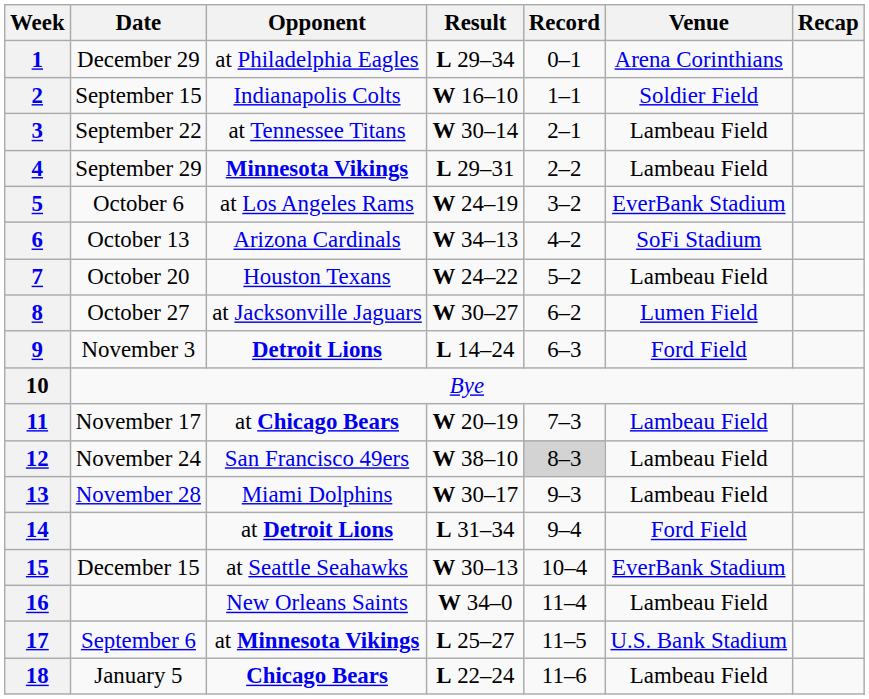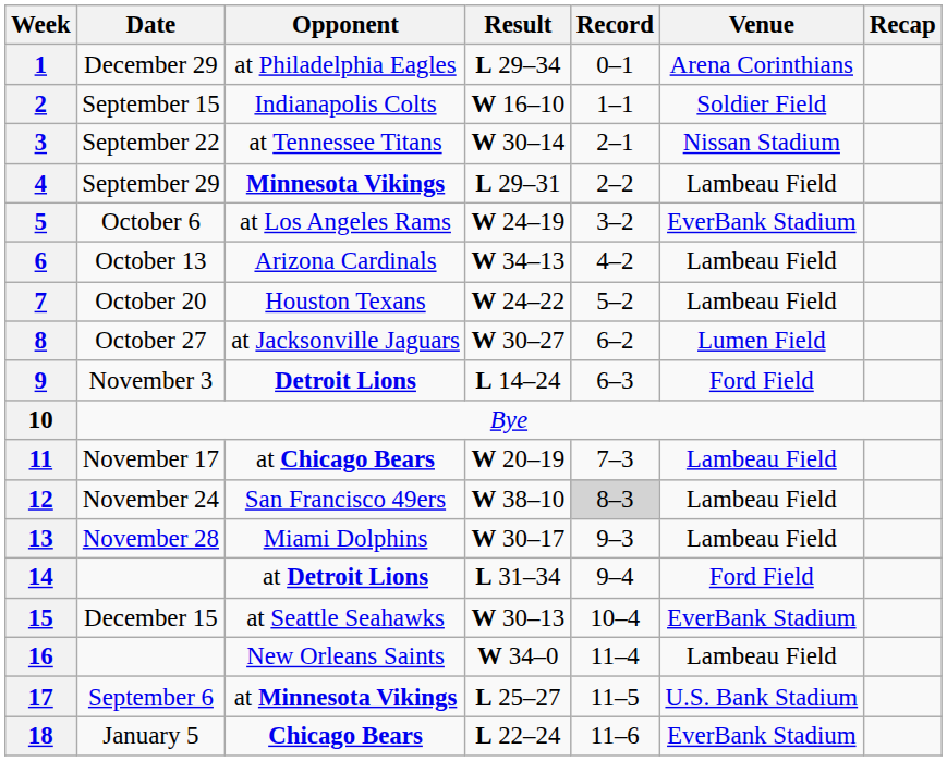 <table class="wikitable" style="text-align:center">
 <tr>
 <th>Week</th>
 <th>Date</th>
 <th>Opponent</th>
 <th>Result</th>
 <th>Record</th>
 <th>Venue</th>
 <th>Recap</th>
 </tr>
 <tr>
 <th><a href='#'>1</a></th>
 <td>December 29</td>
 <td>at <a href='#'>Philadelphia Eagles</a></td>
 <td><strong>L</strong> 29–34</td>
 <td>0–1</td>
 <td> <a href='#'>Arena Corinthians</a> </td>
 <td></td>
 </tr>
 <tr>
 <th><a href='#'>2</a></th>
 <td>September 15</td>
 <td><a href='#'>Indianapolis Colts</a></td>
 <td><strong>W</strong> 16–10</td>
 <td>1–1</td>
 <td><a href='#'>Soldier Field</a></td>
 <td></td>
 </tr>
 <tr>
 <th><a href='#'>3</a></th>
 <td>September 22</td>
 <td>at <a href='#'>Tennessee Titans</a></td>
 <td><strong>W</strong> 30–14</td>
 <td>2–1</td>
-<td>Lambeau Field</td>
+<td><a href='#'>Nissan Stadium</a></td>
 <td></td>
 </tr>
 <tr>
 <th><a href='#'>4</a></th>
 <td>September 29</td>
 <td><strong><a href='#'>Minnesota Vikings</a></strong></td>
 <td><strong>L</strong> 29–31</td>
 <td>2–2</td>
 <td>Lambeau Field</td>
 <td></td>
 </tr>
 <tr>
 <th><a href='#'>5</a></th>
 <td>October 6</td>
 <td>at <a href='#'>Los Angeles Rams</a></td>
 <td><strong>W</strong> 24–19</td>
 <td>3–2</td>
 <td><a href='#'>EverBank Stadium</a></td>
 <td></td>
 </tr>
 <tr>
 <th><a href='#'>6</a></th>
 <td>October 13</td>
 <td><a href='#'>Arizona Cardinals</a></td>
 <td><strong>W</strong> 34–13</td>
 <td>4–2</td>
-<td><a href='#'>SoFi Stadium</a></td>
+<td>Lambeau Field</td>
 <td></td>
 </tr>
 <tr>
 <th><a href='#'>7</a></th>
 <td>October 20</td>
 <td><a href='#'>Houston Texans</a></td>
 <td><strong>W</strong> 24–22</td>
 <td>5–2</td>
 <td>Lambeau Field</td>
 <td></td>
 </tr>
 <tr>
 <th><a href='#'>8</a></th>
 <td>October 27</td>
 <td>at <a href='#'>Jacksonville Jaguars</a></td>
 <td><strong>W</strong> 30–27</td>
 <td>6–2</td>
 <td><a href='#'>Lumen Field</a></td>
 <td></td>
 </tr>
 <tr>
 <th><a href='#'>9</a></th>
 <td>November 3</td>
 <td><strong><a href='#'>Detroit Lions</a></strong></td>
 <td><strong>L</strong> 14–24</td>
 <td>6–3</td>
 <td><a href='#'>Ford Field</a></td>
 <td></td>
 </tr>
 <tr>
 <th>10</th>
 <td colspan="6"><em><a href='#'>Bye</a></em></td>
 </tr>
 <tr>
 <th><a href='#'>11</a></th>
 <td>November 17</td>
 <td>at <strong><a href='#'>Chicago Bears</a></strong></td>
 <td><strong>W</strong> 20–19</td>
 <td>7–3</td>
 <td><a href='#'>Lambeau Field</a></td>
 <td></td>
 </tr>
 <tr>
 <th><a href='#'>12</a></th>
 <td>November 24</td>
 <td><a href='#'>San Francisco 49ers</a></td>
 <td><strong>W</strong> 38–10</td>
 <td style="background: lightgrey;">8–3</td>
 <td>Lambeau Field</td>
 <td></td>
 </tr>
 <tr>
 <th><a href='#'>13</a></th>
 <td><a href='#'>November 28</a></td>
 <td><a href='#'>Miami Dolphins</a></td>
 <td><strong>W</strong> 30–17</td>
 <td>9–3</td>
 <td>Lambeau Field</td>
 <td></td>
 </tr>
 <tr>
 <th><a href='#'>14</a></th>
 <td></td>
 <td>at <strong><a href='#'>Detroit Lions</a></strong></td>
 <td><strong>L</strong> 31–34</td>
 <td>9–4</td>
 <td><a href='#'>Ford Field</a></td>
 <td></td>
 </tr>
 <tr>
 <th><a href='#'>15</a></th>
 <td>December 15</td>
 <td>at <a href='#'>Seattle Seahawks</a></td>
 <td><strong>W</strong> 30–13</td>
 <td>10–4</td>
 <td><a href='#'>EverBank Stadium</a></td>
 <td></td>
 </tr>
 <tr>
 <th><a href='#'>16</a></th>
 <td></td>
 <td><a href='#'>New Orleans Saints</a></td>
 <td><strong>W</strong> 34–0</td>
 <td>11–4</td>
 <td>Lambeau Field</td>
 <td></td>
 </tr>
 <tr>
 <th><a href='#'>17</a></th>
 <td><a href='#'>September 6</a></td>
 <td>at <strong><a href='#'>Minnesota Vikings</a></strong></td>
 <td><strong>L</strong> 25–27</td>
 <td>11–5</td>
 <td><a href='#'>U.S. Bank Stadium</a></td>
 <td></td>
 </tr>
 <tr>
 <th><a href='#'>18</a></th>
 <td>January 5</td>
 <td><strong><a href='#'>Chicago Bears</a></strong></td>
 <td><strong>L</strong> 22–24</td>
 <td>11–6</td>
-<td>Lambeau Field</td>
+<td><a href='#'>EverBank Stadium</a></td>
 <td></td>
 </tr>
 </table>
